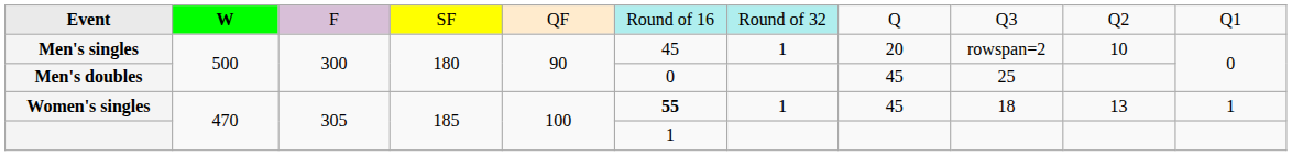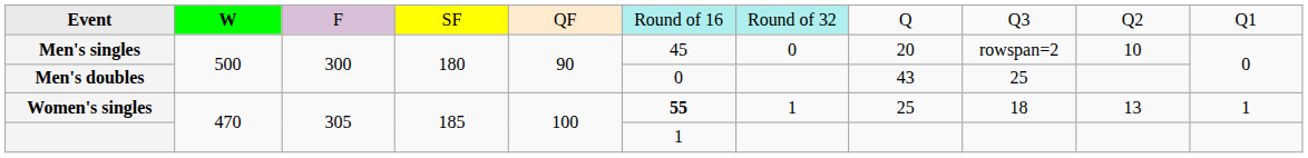 <table class=wikitable style=font-size:90%;text-align:center>
 <tr>
 <td style="width:130px; background:#eaeaea;"><strong>Event</strong></td>
 <td style="width:80px; background:lime;"><strong>W</strong></td>
 <td style="width:85px; background:thistle;">F</td>
 <td style="width:85px; background:#ff0;">SF</td>
 <td style="width:85px; background:#ffebcd;">QF</td>
 <td style="width:85px; background:#afeeee;">Round of 16</td>
 <td style="width:85px; background:#afeeee;">Round of 32</td>
 <td width=85>Q</td>
 <td width=85>Q3</td>
 <td width=85>Q2</td>
 <td width=85>Q1</td>
 </tr>
 <tr>
 <th style="background:#f4f4f4;">Men's singles</th>
 <td rowspan=2>500</td>
 <td rowspan=2>300</td>
 <td rowspan=2>180</td>
 <td rowspan=2>90</td>
 <td>45</td>
-<td>1</td>
+<td>0</td>
 <td>20</td>
 <td>rowspan=2 </td>
 <td>10</td>
 <td rowspan=2>0</td>
 </tr>
 <tr>
 <th style="background:#f4f4f4;">Men's doubles</th>
 <td>0</td>
 <td></td>
-<td>45</td>
+<td>43</td>
 <td>25</td>
 </tr>
 <tr>
 <th style="background:#f4f4f4;">Women's singles</th>
 <td rowspan=2>470</td>
 <td rowspan=2>305</td>
 <td rowspan=2>185</td>
 <td rowspan=2>100</td>
 <td><strong>55</strong></td>
 <td>1</td>
-<td>45</td>
+<td>25</td>
 <td>18</td>
 <td>13</td>
 <td>1</td>
 </tr>
 <tr>
 <th style="background:#f4f4f4;"></th>
 <td>1</td>
 <td></td>
 <td></td>
 <td></td>
 <td></td>
 <td></td>
 </tr>
 </table>
